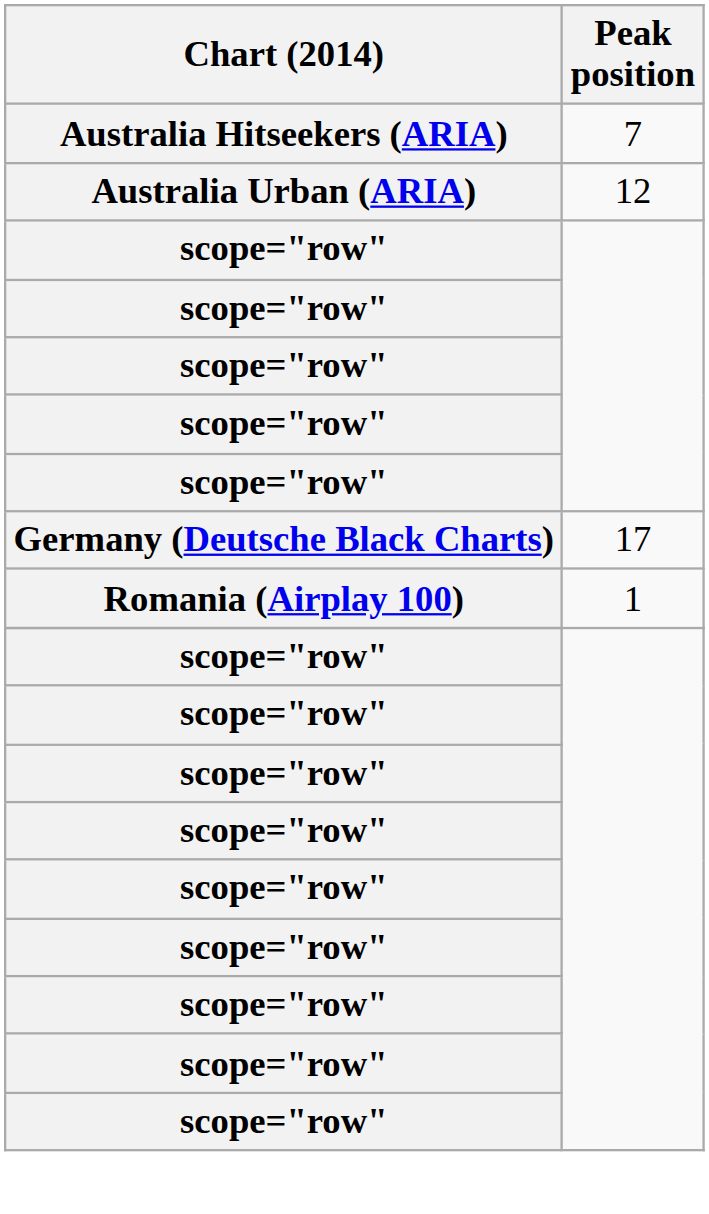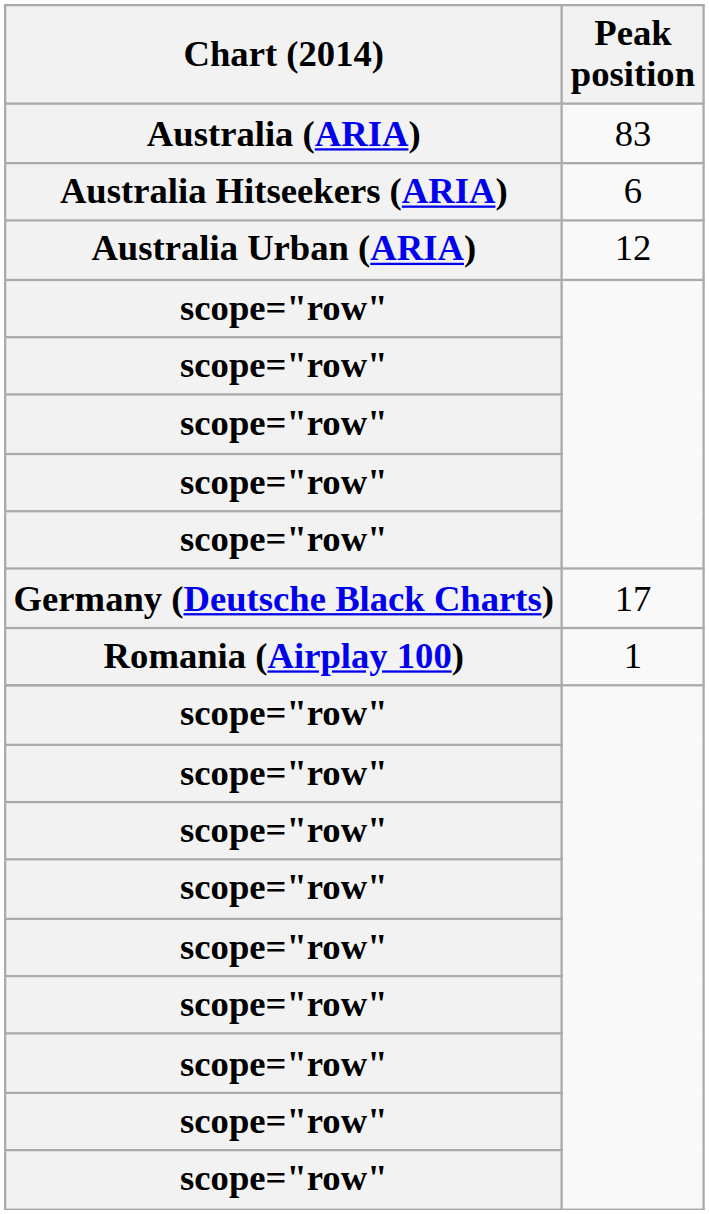 <table class="wikitable plainrowheaders sortable" style="text-align:center">
 <tr>
 <th scope="col">Chart (2014)</th>
 <th scope="col">Peak<br>position</th>
 </tr>
 <tr>
+<th scope="row">Australia (<a href='#'>ARIA</a>)</th>
+<td style="text-align:center;">83</td>
+</tr>
+<tr>
 <th scope="row">Australia Hitseekers (<a href='#'>ARIA</a>)</th>
-<td style="text-align:center;">7</td>
+<td style="text-align:center;">6</td>
 </tr>
 <tr>
 <th scope="row">Australia Urban (<a href='#'>ARIA</a>)</th>
 <td style="text-align:center;">12</td>
 </tr>
 <tr>
 <th>scope="row" </th>
 </tr>
 <tr>
 <th>scope="row"</th>
 </tr>
 <tr>
 <th>scope="row" </th>
 </tr>
 <tr>
 <th>scope="row" </th>
 </tr>
 <tr>
 <th>scope="row" </th>
 </tr>
 <tr>
 <th scope="row">Germany (<a href='#'>Deutsche Black Charts</a>)</th>
 <td>17</td>
 </tr>
 <tr>
 <th scope="row">Romania (<a href='#'>Airplay 100</a>)</th>
 <td align="center">1</td>
 </tr>
 <tr>
 </tr>
 <tr>
 <th>scope="row" </th>
 </tr>
 <tr>
 <th>scope="row" </th>
 </tr>
 <tr>
 <th>scope="row" </th>
 </tr>
 <tr>
 <th>scope="row" </th>
 </tr>
 <tr>
 <th>scope="row" </th>
 </tr>
 <tr>
 <th>scope="row" </th>
 </tr>
 <tr>
 <th>scope="row" </th>
 </tr>
 <tr>
 <th>scope="row" </th>
 </tr>
 <tr>
 <th>scope="row" </th>
 </tr>
 </table>
